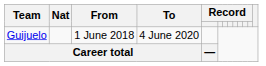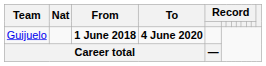 <table class="wikitable" style="text-align: center">
 <tr>
 <th rowspan="2">Team</th>
 <th rowspan="2">Nat</th>
 <th rowspan="2">From</th>
 <th rowspan="2">To</th>
 <th colspan="8">Record</th>
 <th rowspan=2></th>
 </tr>
 <tr>
 <th></th>
 <th></th>
 <th></th>
 <th></th>
 <th></th>
 <th></th>
 <th></th>
 <th></th>
 </tr>
 <tr>
 <td align="left"><a href='#'>Guijuelo</a></td>
 <td></td>
-<td align=left>1 June 2018</td>
-<td align=left>4 June 2020<br></td>
+<td align=left><strong>1 June 2018</strong></td>
+<td align=left><strong>4 June 2020<br></strong></td>
 <td></td>
 </tr>
 <tr>
 <th colspan=4>Career total<br></th>
 <th>—</th>
 </tr>
 </table>
